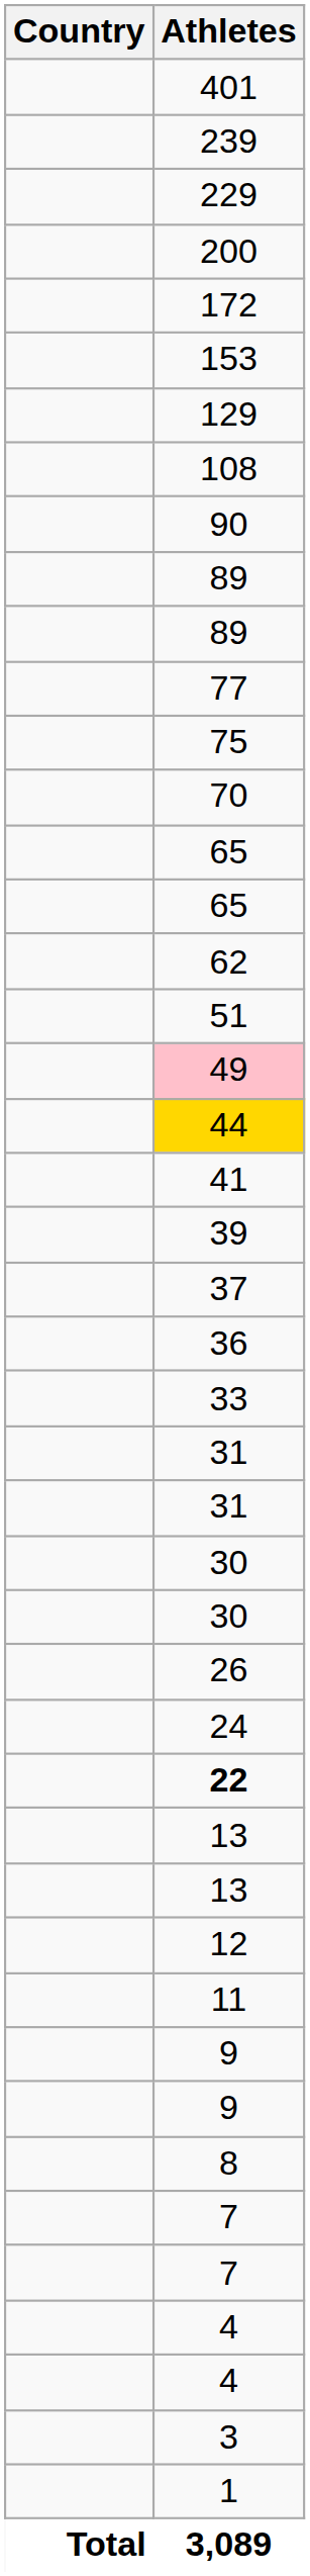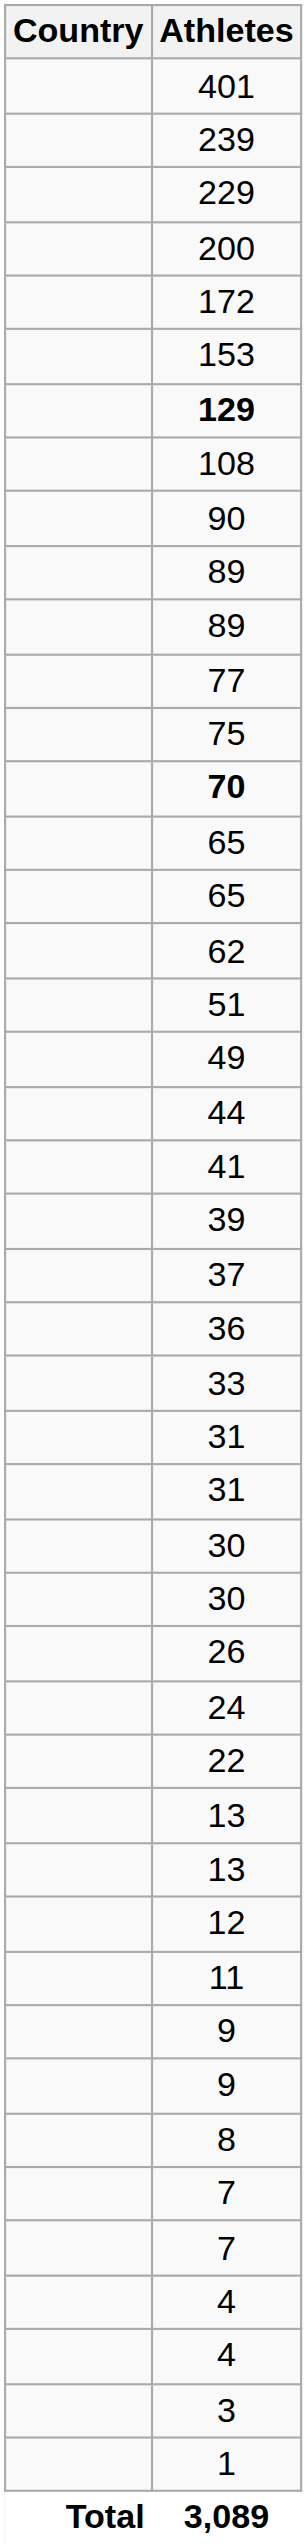 <table class="wikitable collapsible sortable sticky-table-head" style="border:0;">
 <tr>
 <th>Country</th>
 <th>Athletes</th>
 </tr>
 <tr>
 <td></td>
 <td align=center>401</td>
 </tr>
 <tr>
 <td></td>
 <td align=center>239</td>
 </tr>
 <tr>
 <td></td>
 <td align=center>229</td>
 </tr>
 <tr>
 <td></td>
 <td align=center>200</td>
 </tr>
 <tr>
 <td></td>
 <td align=center>172</td>
 </tr>
 <tr>
 <td></td>
 <td align=center>153</td>
 </tr>
 <tr>
 <td></td>
-<td align=center>129</td>
+<td align=center><strong>129</strong></td>
 </tr>
 <tr>
 <td></td>
 <td align=center>108</td>
 </tr>
 <tr>
 <td></td>
 <td align=center>90</td>
 </tr>
 <tr>
 <td></td>
 <td align=center>89</td>
 </tr>
 <tr>
 <td></td>
 <td align=center>89</td>
 </tr>
 <tr>
 <td></td>
 <td align=center>77</td>
 </tr>
 <tr>
 <td></td>
 <td align=center>75</td>
 </tr>
 <tr>
 <td></td>
-<td align=center>70</td>
+<td align=center><strong>70</strong></td>
 </tr>
 <tr>
 <td></td>
 <td align=center>65</td>
 </tr>
 <tr>
 <td></td>
 <td align=center>65</td>
 </tr>
 <tr>
 <td></td>
 <td align=center>62</td>
 </tr>
 <tr>
 <td></td>
 <td align=center>51</td>
 </tr>
 <tr>
 <td></td>
-<td align=center style="background: pink;">49</td>
+<td align=center>49</td>
 </tr>
 <tr>
 <td></td>
-<td align=center style="background: gold;">44</td>
+<td align=center>44</td>
 </tr>
 <tr>
 <td></td>
 <td align=center>41</td>
 </tr>
 <tr>
 <td></td>
 <td align=center>39</td>
 </tr>
 <tr>
 <td></td>
 <td align=center>37</td>
 </tr>
 <tr>
 <td></td>
 <td align=center>36</td>
 </tr>
 <tr>
 <td></td>
 <td align=center>33</td>
 </tr>
 <tr>
 <td></td>
 <td align=center>31</td>
 </tr>
 <tr>
 <td></td>
 <td align=center>31</td>
 </tr>
 <tr>
 <td></td>
 <td align=center>30</td>
 </tr>
 <tr>
 <td></td>
 <td align=center>30</td>
 </tr>
 <tr>
 <td></td>
 <td align=center>26</td>
 </tr>
 <tr>
 <td></td>
 <td align=center>24</td>
 </tr>
 <tr>
 <td></td>
-<td align=center><strong>22</strong></td>
+<td align=center>22</td>
 </tr>
 <tr>
 <td></td>
 <td align=center>13</td>
 </tr>
 <tr>
 <td></td>
 <td align=center>13</td>
 </tr>
 <tr>
 <td></td>
 <td align=center>12</td>
 </tr>
 <tr>
 <td></td>
 <td align=center>11</td>
 </tr>
 <tr>
 <td></td>
 <td align=center>9</td>
 </tr>
 <tr>
 <td></td>
 <td align=center>9</td>
 </tr>
 <tr>
 <td></td>
 <td align=center>8</td>
 </tr>
 <tr>
 <td></td>
 <td align=center>7</td>
 </tr>
 <tr>
 <td></td>
 <td align=center>7</td>
 </tr>
 <tr>
 <td></td>
 <td align=center>4</td>
 </tr>
 <tr>
 <td></td>
 <td align=center>4</td>
 </tr>
 <tr>
 <td></td>
 <td align=center>3</td>
 </tr>
 <tr>
 <td></td>
 <td align=center>1</td>
 </tr>
 <tr class="sortbottom">
 <td style="text-align:right; border:0px; background:#fff;"><strong>Total</strong></td>
 <td style="text-align:center; border:0px; background:#fff;"><strong>3,089</strong></td>
 </tr>
 <tr>
 </tr>
 </table>
